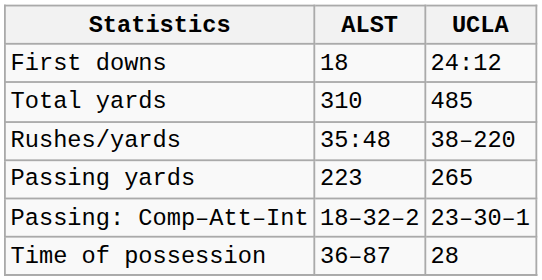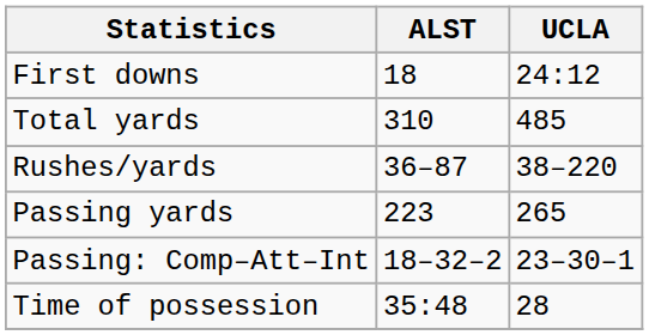 <table class="wikitable" style="float: left;">
 <tr>
 <th>Statistics</th>
 <th>ALST</th>
 <th>UCLA</th>
 </tr>
 <tr>
 <td>First downs</td>
 <td>18</td>
 <td>24:12</td>
 </tr>
 <tr>
 <td>Total yards</td>
 <td>310</td>
 <td>485</td>
 </tr>
 <tr>
 <td>Rushes/yards</td>
-<td>35:48</td>
+<td>36–87</td>
 <td>38–220</td>
 </tr>
 <tr>
 <td>Passing yards</td>
 <td>223</td>
 <td>265</td>
 </tr>
 <tr>
 <td>Passing: Comp–Att–Int</td>
 <td>18–32–2</td>
 <td>23–30–1</td>
 </tr>
 <tr>
 <td>Time of possession</td>
-<td>36–87</td>
+<td>35:48</td>
 <td>28</td>
 </tr>
 <tr>
 </tr>
 </table>
